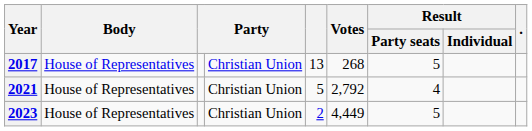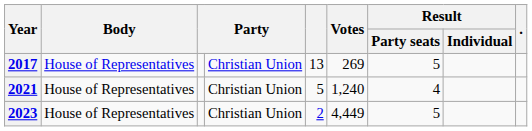 <table class="wikitable plainrowheaders sortable" border=2 cellpadding=4 cellspacing=0 style="border: 1px #aaa solid; font-size: 90%; text-align:center;">
 <tr>
 <th scope="col" rowspan=2>Year</th>
 <th scope="col" rowspan=2>Body</th>
 <th scope="col" colspan=2 rowspan=2>Party</th>
 <th scope="col" rowspan=2></th>
 <th scope="col" rowspan=2>Votes</th>
 <th scope="colgroup" colspan=2>Result</th>
 <th scope="col" rowspan=2 class="unsortable">.</th>
 </tr>
 <tr>
 <th scope="col">Party seats</th>
 <th scope="col">Individual</th>
 </tr>
 <tr>
 <th scope="row"><a href='#'>2017</a></th>
 <td><a href='#'>House of Representatives</a></td>
 <td style="background-color:"></td>
 <td><a href='#'>Christian Union</a></td>
 <td style=text-align:right>13</td>
-<td style=text-align:right>268</td>
+<td style=text-align:right>269</td>
 <td style=text-align:right>5</td>
 <td></td>
 <td></td>
 </tr>
 <tr>
 <th scope="row"><a href='#'>2021</a></th>
 <td>House of Representatives</td>
 <td style="background-color:"></td>
 <td>Christian Union</td>
 <td style=text-align:right>5</td>
-<td style=text-align:right>2,792</td>
+<td style=text-align:right>1,240</td>
 <td style=text-align:right>4</td>
 <td></td>
 <td></td>
 </tr>
 <tr>
 <th scope="row"><a href='#'>2023</a></th>
 <td>House of Representatives</td>
 <td style="background-color:"></td>
 <td>Christian Union</td>
 <td style=text-align:right><a href='#'>2</a></td>
 <td style=text-align:right>4,449</td>
 <td style=text-align:right>5</td>
 <td></td>
 <td></td>
 </tr>
 </table>
